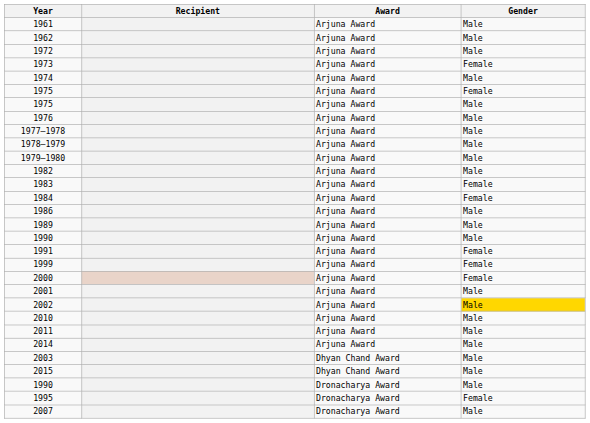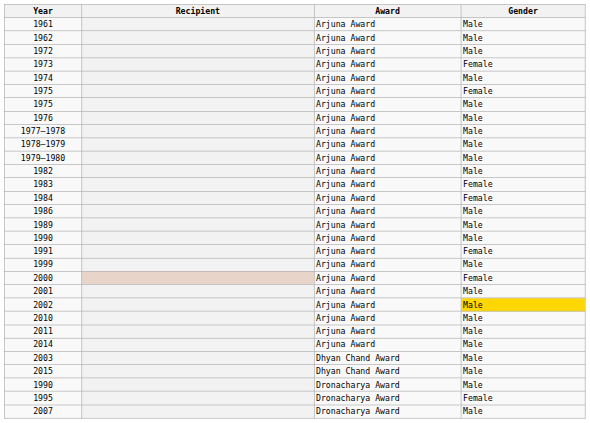 <table class="wikitable plainrowheaders sortable" style="width:73%">
 <tr>
 <th scope="col" style="width:10%">Year</th>
 <th scope="col" style="width:30%">Recipient</th>
 <th scope="col" style="width:19%">Award</th>
 <th scope="col" style="width:16%">Gender</th>
 </tr>
 <tr>
 <td style="text-align:center;">1961</td>
 <th scope="row"></th>
 <td>Arjuna Award</td>
 <td>Male</td>
 </tr>
 <tr>
 <td style="text-align:center;">1962</td>
 <th scope="row"></th>
 <td>Arjuna Award</td>
 <td>Male</td>
 </tr>
 <tr>
 <td style="text-align:center;">1972</td>
 <th scope="row"></th>
 <td>Arjuna Award</td>
 <td>Male</td>
 </tr>
 <tr>
 <td style="text-align:center;">1973</td>
 <th scope="row"></th>
 <td>Arjuna Award</td>
 <td>Female</td>
 </tr>
 <tr>
 <td style="text-align:center;">1974</td>
 <th scope="row"></th>
 <td>Arjuna Award</td>
 <td>Male</td>
 </tr>
 <tr>
 <td style="text-align:center;">1975</td>
 <th scope="row"></th>
 <td>Arjuna Award</td>
 <td>Female</td>
 </tr>
 <tr>
 <td style="text-align:center;">1975</td>
 <th scope="row"></th>
 <td>Arjuna Award</td>
 <td>Male</td>
 </tr>
 <tr>
 <td style="text-align:center;">1976</td>
 <th scope="row"></th>
 <td>Arjuna Award</td>
 <td>Male</td>
 </tr>
 <tr>
 <td style="text-align:center;">1977–1978</td>
 <th scope="row"></th>
 <td>Arjuna Award</td>
 <td>Male</td>
 </tr>
 <tr>
 <td style="text-align:center;">1978–1979</td>
 <th scope="row"></th>
 <td>Arjuna Award</td>
 <td>Male</td>
 </tr>
 <tr>
 <td style="text-align:center;">1979–1980</td>
 <th scope="row"></th>
 <td>Arjuna Award</td>
 <td>Male</td>
 </tr>
 <tr>
 <td style="text-align:center;">1982</td>
 <th scope="row"></th>
 <td>Arjuna Award</td>
 <td>Male</td>
 </tr>
 <tr>
 <td style="text-align:center;">1983</td>
 <th scope="row"></th>
 <td>Arjuna Award</td>
 <td>Female</td>
 </tr>
 <tr>
 <td style="text-align:center;">1984</td>
 <th scope="row"></th>
 <td>Arjuna Award</td>
 <td>Female</td>
 </tr>
 <tr>
 <td style="text-align:center;">1986</td>
 <th scope="row"></th>
 <td>Arjuna Award</td>
 <td>Male</td>
 </tr>
 <tr>
 <td style="text-align:center;">1989</td>
 <th scope="row"></th>
 <td>Arjuna Award</td>
 <td>Male</td>
 </tr>
 <tr>
 <td style="text-align:center;">1990</td>
 <th scope="row"></th>
 <td>Arjuna Award</td>
 <td>Male</td>
 </tr>
 <tr>
 <td style="text-align:center;">1991</td>
 <th scope="row"></th>
 <td>Arjuna Award</td>
 <td>Female</td>
 </tr>
 <tr>
 <td style="text-align:center;">1999</td>
 <th scope="row"></th>
 <td>Arjuna Award</td>
-<td>Female</td>
+<td>Male</td>
 </tr>
 <tr>
 <td style="text-align:center;">2000</td>
 <th scope="row" style="background-color:#E9D4C9"> </th>
 <td>Arjuna Award</td>
 <td>Female</td>
 </tr>
 <tr>
 <td style="text-align:center;">2001</td>
 <th scope="row"></th>
 <td>Arjuna Award</td>
 <td>Male</td>
 </tr>
 <tr>
 <td style="text-align:center;">2002</td>
 <th scope="row"></th>
 <td>Arjuna Award</td>
 <td style="background: gold;">Male</td>
 </tr>
 <tr>
 <td style="text-align:center;">2010</td>
 <th scope="row"></th>
 <td>Arjuna Award</td>
 <td>Male</td>
 </tr>
 <tr>
 <td style="text-align:center;">2011</td>
 <th scope="row"></th>
 <td>Arjuna Award</td>
 <td>Male</td>
 </tr>
 <tr>
 <td style="text-align:center;">2014</td>
 <th scope="row"></th>
 <td>Arjuna Award</td>
 <td>Male</td>
 </tr>
 <tr>
 <td style="text-align:center;">2003</td>
 <th scope="row"></th>
 <td>Dhyan Chand Award</td>
 <td>Male</td>
 </tr>
 <tr>
 <td style="text-align:center;">2015</td>
 <th scope="row"></th>
 <td>Dhyan Chand Award</td>
 <td>Male</td>
 </tr>
 <tr>
 <td style="text-align:center;">1990</td>
 <th scope="row"></th>
 <td>Dronacharya Award</td>
 <td>Male</td>
 </tr>
 <tr>
 <td style="text-align:center;">1995</td>
 <th scope="row"></th>
 <td>Dronacharya Award</td>
 <td>Female</td>
 </tr>
 <tr>
 <td style="text-align:center;">2007</td>
 <th scope="row"></th>
 <td>Dronacharya Award</td>
 <td>Male</td>
 </tr>
 </table>
